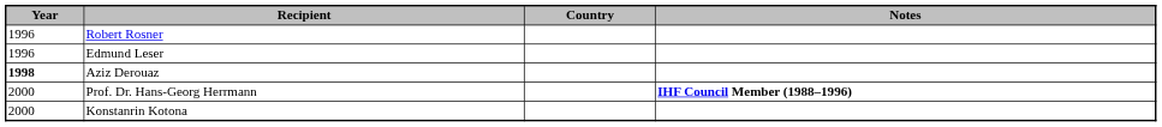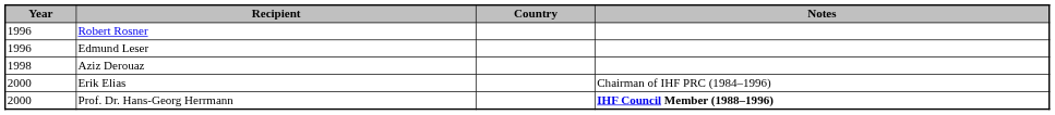 <table class="sortable" style="border-collapse: collapse; border: 2px #000000 solid; font-size: x-big; font-family: verdana" width="70%" cellspacing="0" cellpadding="2" border="1">
 <tr>
 <th style="background-color: Silver; color: black">Year</th>
 <th style="background-color: Silver; color: black">Recipient</th>
 <th style="background-color: Silver; color: black">Country</th>
 <th style="background-color: Silver; color: black">Notes</th>
 </tr>
 <tr>
 <td>1996</td>
 <td><a href='#'>Robert Rosner</a></td>
 <td></td>
 <td></td>
 </tr>
 <tr>
 <td>1996</td>
 <td>Edmund Leser</td>
 <td></td>
 <td></td>
 </tr>
 <tr>
-<td><strong>1998</strong></td>
+<td>1998</td>
 <td>Aziz Derouaz</td>
 <td></td>
 <td></td>
+</tr>
+<tr>
+<td>2000</td>
+<td>Erik Elias</td>
+<td></td>
+<td>Chairman of IHF PRC (1984–1996)</td>
 </tr>
 <tr>
 <td>2000</td>
 <td>Prof. Dr. Hans-Georg Herrmann</td>
 <td></td>
 <td><strong><a href='#'>IHF Council</a> Member (1988–1996)</strong></td>
 </tr>
-<tr>
-<td>2000</td>
-<td>Konstanrin Kotona</td>
-<td></td>
-<td></td>
-</tr>
 </table>
